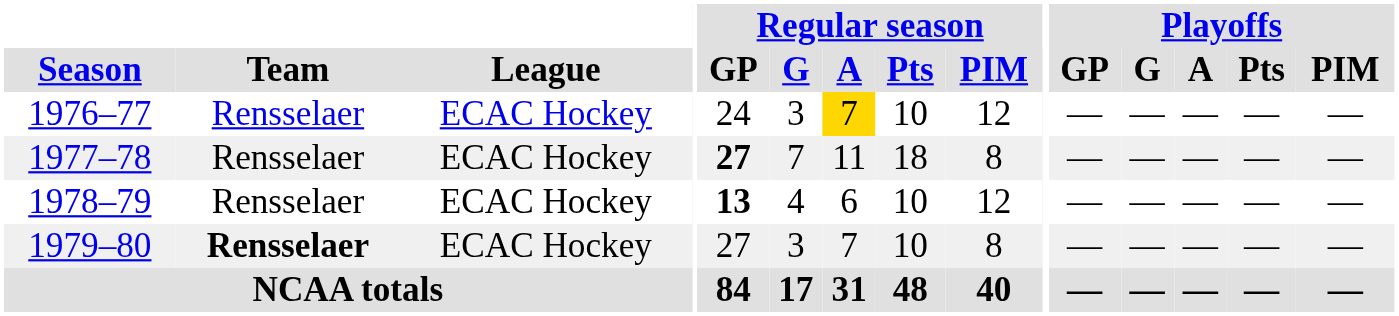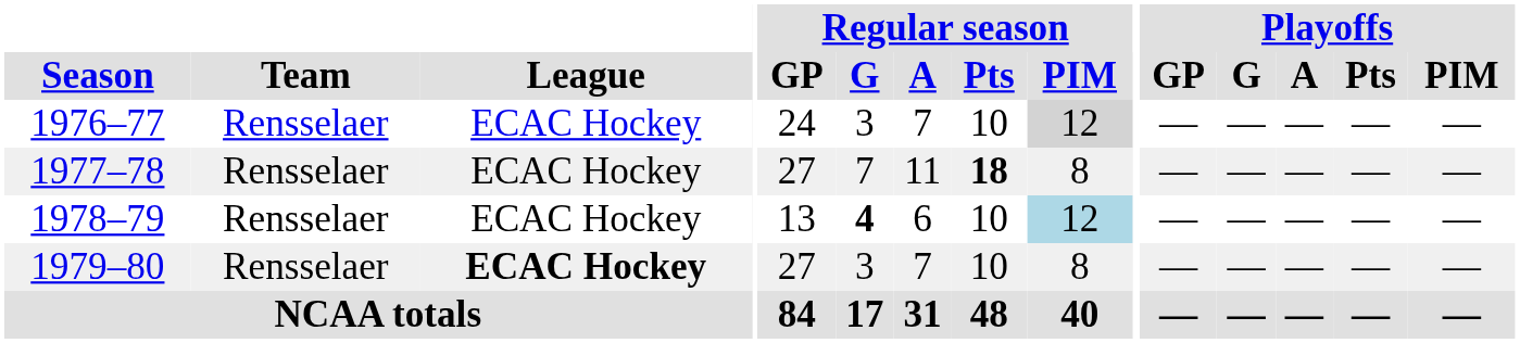 <table border="0" cellpadding="1" cellspacing="0" style="text-align:center; width:50%">
 <tr bgcolor="#e0e0e0">
 <th colspan="3"  bgcolor="#ffffff"></th>
 <th rowspan="99" bgcolor="#ffffff"></th>
 <th colspan="5"><a href='#'>Regular season</a></th>
 <th rowspan="99" bgcolor="#ffffff"></th>
 <th colspan="5"><a href='#'>Playoffs</a></th>
 </tr>
 <tr bgcolor="#e0e0e0">
 <th><a href='#'>Season</a></th>
 <th>Team</th>
 <th>League</th>
 <th>GP</th>
 <th><a href='#'>G</a></th>
 <th><a href='#'>A</a></th>
 <th><a href='#'>Pts</a></th>
 <th><a href='#'>PIM</a></th>
 <th>GP</th>
 <th>G</th>
 <th>A</th>
 <th>Pts</th>
 <th>PIM</th>
 </tr>
 <tr ALIGN="center">
 <td><a href='#'>1976–77</a></td>
 <td><a href='#'>Rensselaer</a></td>
 <td><a href='#'>ECAC Hockey</a></td>
 <td>24</td>
 <td>3</td>
-<td style="background: gold;">7</td>
+<td>7</td>
 <td>10</td>
-<td>12</td>
+<td style="background: lightgrey;">12</td>
 <td>—</td>
 <td>—</td>
 <td>—</td>
 <td>—</td>
 <td>—</td>
 </tr>
 <tr ALIGN="center" bgcolor="#f0f0f0">
 <td><a href='#'>1977–78</a></td>
 <td>Rensselaer</td>
 <td>ECAC Hockey</td>
-<td><strong>27</strong></td>
+<td>27</td>
 <td>7</td>
 <td>11</td>
-<td>18</td>
+<td><strong>18</strong></td>
 <td>8</td>
 <td>—</td>
 <td>—</td>
 <td>—</td>
 <td>—</td>
 <td>—</td>
 </tr>
 <tr ALIGN="center">
 <td><a href='#'>1978–79</a></td>
 <td>Rensselaer</td>
 <td>ECAC Hockey</td>
-<td><strong>13</strong></td>
-<td>4</td>
+<td>13</td>
+<td><strong>4</strong></td>
 <td>6</td>
 <td>10</td>
-<td>12</td>
+<td style="background: lightblue;">12</td>
 <td>—</td>
 <td>—</td>
 <td>—</td>
 <td>—</td>
 <td>—</td>
 </tr>
 <tr ALIGN="center" bgcolor="#f0f0f0">
 <td><a href='#'>1979–80</a></td>
-<td><strong>Rensselaer</strong></td>
-<td>ECAC Hockey</td>
+<td>Rensselaer</td>
+<td><strong>ECAC Hockey</strong></td>
 <td>27</td>
 <td>3</td>
 <td>7</td>
 <td>10</td>
 <td>8</td>
 <td>—</td>
 <td>—</td>
 <td>—</td>
 <td>—</td>
 <td>—</td>
 </tr>
 <tr bgcolor="#e0e0e0">
 <th colspan="3">NCAA totals</th>
 <th>84</th>
 <th>17</th>
 <th>31</th>
 <th>48</th>
 <th>40</th>
 <th>—</th>
 <th>—</th>
 <th>—</th>
 <th>—</th>
 <th>—</th>
 </tr>
 </table>
